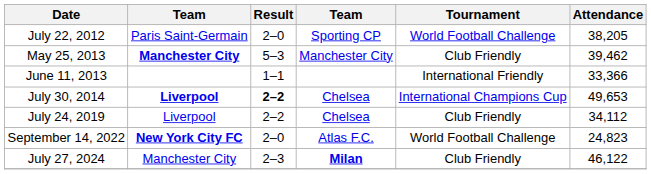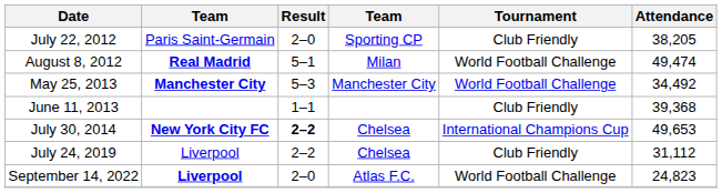 <table class="wikitable" align=center style="margin-left:15px; text-align:center; background:#ffffff;">
 <tr>
 <th style="text-align:center; ">Date</th>
 <th style="text-align:center; ">Team</th>
 <th style="text-align:center; ">Result</th>
 <th style="text-align:center; ">Team</th>
 <th style="text-align:center; ">Tournament</th>
 <th style="text-align:center; ">Attendance</th>
 </tr>
 <tr>
 <td style="text-align:center;">July 22, 2012</td>
 <td> <a href='#'>Paris Saint-Germain</a></td>
 <td style="text-align:center;">2–0</td>
 <td> <a href='#'>Sporting CP</a></td>
-<td style="text-align:center;"><a href='#'>World Football Challenge</a></td>
+<td style="text-align:center;">Club Friendly</td>
 <td style="text-align:center;">38,205</td>
+</tr>
+<tr>
+<td style="text-align:center;">August 8, 2012</td>
+<td> <strong><a href='#'>Real Madrid</a></strong></td>
+<td style="text-align:center;">5–1</td>
+<td> <a href='#'>Milan</a></td>
+<td style="text-align:center;">World Football Challenge</td>
+<td style="text-align:center;">49,474</td>
 </tr>
 <tr>
 <td style="text-align:center;">May 25, 2013</td>
 <td> <strong><a href='#'>Manchester City</a></strong></td>
 <td style="text-align:center;">5–3</td>
 <td> <a href='#'>Manchester City</a></td>
-<td style="text-align:center;">Club Friendly</td>
-<td style="text-align:center;">39,462</td>
+<td style="text-align:center;"><a href='#'>World Football Challenge</a></td>
+<td style="text-align:center;">34,492</td>
 </tr>
 <tr>
 <td style="text-align:center;">June 11, 2013</td>
 <td><strong></strong></td>
 <td style="text-align:center;">1–1</td>
 <td></td>
-<td style="text-align:center;">International Friendly</td>
-<td style="text-align:center;">33,366</td>
+<td style="text-align:center;">Club Friendly</td>
+<td style="text-align:center;">39,368</td>
 </tr>
 <tr>
 <td style="text-align:center;">July 30, 2014</td>
-<td> <strong><a href='#'>Liverpool</a></strong></td>
+<td> <strong><a href='#'>New York City FC</a></strong></td>
 <td style="text-align:center;"><strong>2–2<br></strong></td>
 <td> <a href='#'>Chelsea</a></td>
 <td style="text-align:center;"><a href='#'>International Champions Cup</a></td>
 <td style="text-align:center;">49,653</td>
 </tr>
 <tr>
 <td style="text-align:center;">July 24, 2019</td>
 <td> <a href='#'>Liverpool</a></td>
 <td style="text-align:center;">2–2</td>
 <td> <a href='#'>Chelsea</a></td>
 <td style="text-align:center;">Club Friendly</td>
-<td style="text-align:center;">34,112</td>
+<td style="text-align:center;">31,112</td>
 </tr>
 <tr>
 <td style="text-align:center;">September 14, 2022</td>
-<td> <strong><a href='#'>New York City FC</a></strong></td>
+<td> <strong><a href='#'>Liverpool</a></strong></td>
 <td style="text-align:center;">2–0</td>
 <td> <a href='#'>Atlas F.C.</a></td>
 <td style="text-align:center;">World Football Challenge</td>
 <td style="text-align:center;">24,823</td>
 </tr>
 <tr>
-<td style="text-align:center;">July 27, 2024</td>
-<td> <a href='#'>Manchester City</a></td>
-<td style="text-align:center;">2–3</td>
-<td> <strong><a href='#'>Milan</a></strong></td>
-<td style="text-align:center;">Club Friendly</td>
-<td style="text-align:center;">46,122</td>
-</tr>
-<tr>
 </tr>
 </table>
